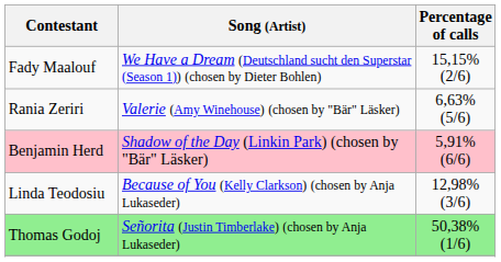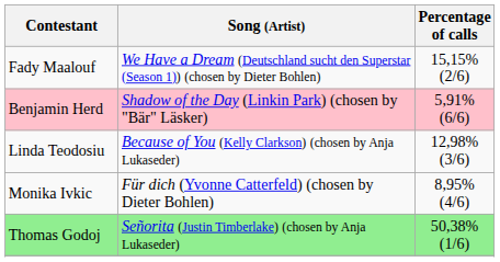 <table class="wikitable">
 <tr>
 <th width="110">Contestant</th>
 <th width="300">Song <small>(Artist)</small></th>
 <th width="28">Percentage of calls</th>
 </tr>
 <tr>
 <td align="left">Fady Maalouf</td>
 <td align="left"><em><a href='#'>We Have a Dream</a></em> <small>(<a href='#'>Deutschland sucht den Superstar (Season 1)</a>)</small> <small>(chosen by Dieter Bohlen) </small></td>
 <td align="center">15,15% (2/6)</td>
 </tr>
-<tr>
-<td align="left">Rania Zeriri</td>
-<td align="left"><em><a href='#'>Valerie</a></em> <small>(<a href='#'>Amy Winehouse</a>)</small> <small>(chosen by "Bär" Läsker) </small></td>
-<td align="center">6,63% (5/6)</td>
-</tr>
 <tr bgcolor="pink">
 <td align="left">Benjamin Herd</td>
 <td align="left"><em><a href='#'>Shadow of the Day</a></em> (<a href='#'>Linkin Park</a>) (chosen by "Bär" Läsker)</td>
 <td align="center">5,91% (6/6)</td>
 </tr>
 <tr>
 <td align="left">Linda Teodosiu</td>
 <td align="left"><em><a href='#'>Because of You</a></em> <small>(<a href='#'>Kelly Clarkson</a>)</small> <small>(chosen by Anja Lukaseder)</small></td>
 <td align="center">12,98% (3/6)</td>
+</tr>
+<tr>
+<td align="left">Monika Ivkic</td>
+<td align="left"><em>Für dich</em> (<a href='#'>Yvonne Catterfeld</a>) (chosen by Dieter Bohlen)</td>
+<td align="center">8,95% (4/6)</td>
 </tr>
 <tr style="background:lightgreen;">
 <td align="left">Thomas Godoj</td>
 <td align="left"><em><a href='#'>Señorita</a></em> <small>(<a href='#'>Justin Timberlake</a>)</small> <small>(chosen by Anja Lukaseder) </small></td>
 <td align="center">50,38% (1/6)</td>
 </tr>
 <tr>
 </tr>
 <tr>
 </tr>
 </table>
